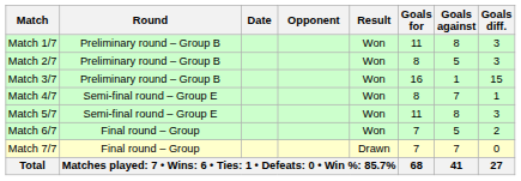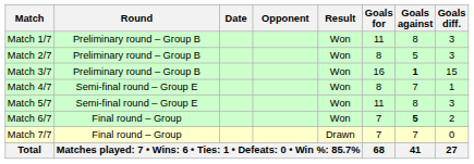 <table class="wikitable sortable" style="text-align: center; font-size: 85%; margin-left: 1em;">
 <tr>
 <th>Match</th>
 <th>Round</th>
 <th>Date</th>
 <th>Opponent</th>
 <th>Result</th>
 <th>Goals<br>for</th>
 <th>Goals<br>against</th>
 <th>Goals<br>diff.</th>
 </tr>
 <tr style="background-color: #ccffcc;">
 <td>Match 1/7</td>
 <td>Preliminary round – Group B</td>
 <td style="text-align: right;"></td>
 <td style="text-align: left;"></td>
 <td>Won</td>
 <td>11</td>
 <td>8</td>
 <td>3</td>
 </tr>
 <tr style="background-color: #ccffcc;">
 <td>Match 2/7</td>
 <td>Preliminary round – Group B</td>
 <td style="text-align: right;"></td>
 <td style="text-align: left;"></td>
 <td>Won</td>
 <td>8</td>
 <td>5</td>
 <td>3</td>
 </tr>
 <tr style="background-color: #ccffcc;">
 <td>Match 3/7</td>
 <td>Preliminary round – Group B</td>
 <td style="text-align: right;"></td>
 <td style="text-align: left;"></td>
 <td>Won</td>
 <td>16</td>
-<td>1</td>
+<td><strong>1</strong></td>
 <td>15</td>
 </tr>
 <tr style="background-color: #ccffcc;">
 <td>Match 4/7</td>
 <td>Semi-final round – Group E</td>
 <td style="text-align: right;"></td>
 <td style="text-align: left;"></td>
 <td>Won</td>
 <td>8</td>
 <td>7</td>
 <td>1</td>
 </tr>
 <tr style="background-color: #ccffcc;">
 <td>Match 5/7</td>
 <td>Semi-final round – Group E</td>
 <td style="text-align: right;"></td>
 <td style="text-align: left;"></td>
 <td>Won</td>
 <td>11</td>
 <td>8</td>
 <td>3</td>
 </tr>
 <tr style="background-color: #ccffcc;">
 <td>Match 6/7</td>
 <td>Final round – Group</td>
 <td style="text-align: right;"></td>
 <td style="text-align: left;"></td>
 <td>Won</td>
 <td>7</td>
-<td>5</td>
+<td><strong>5</strong></td>
 <td>2</td>
 </tr>
 <tr style="background-color: #ffffcc;">
 <td>Match 7/7</td>
 <td>Final round – Group</td>
 <td style="text-align: right;"></td>
 <td style="text-align: left;"></td>
 <td>Drawn</td>
 <td>7</td>
 <td>7</td>
 <td>0</td>
 </tr>
 <tr>
 <th>Total</th>
 <th colspan="4">Matches played: 7 • Wins: 6 • Ties: 1 • Defeats: 0 • Win %: 85.7%</th>
 <th>68</th>
 <th>41</th>
 <th>27</th>
 </tr>
 </table>
